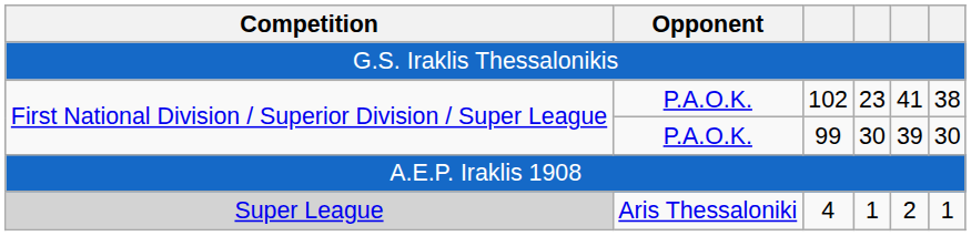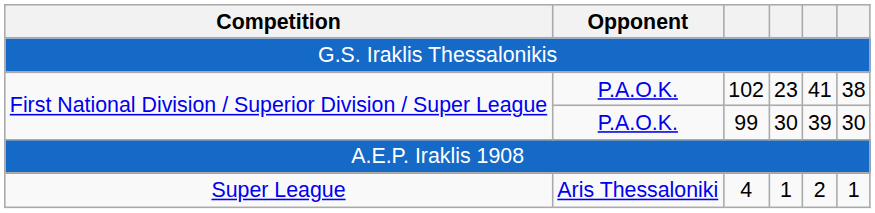 <table class="wikitable plainrowheaders sticky-header-multi sortable" style="text-align:center; margin:0px; margin-top:2px; font-size:85%; width=500px">
 <tr>
 <th>Competition</th>
 <th>Opponent</th>
 <th></th>
 <th></th>
 <th></th>
 <th></th>
 </tr>
 <tr>
 <td colspan="6" style="background:#1569C7; color:#ffffff">G.S. Iraklis Thessalonikis</td>
 </tr>
 <tr>
 <td rowspan="2"><a href='#'>First National Division / Superior Division / Super League</a></td>
 <td><a href='#'>P.A.O.K.</a></td>
 <td>102</td>
 <td>23</td>
 <td>41</td>
 <td>38</td>
 </tr>
 <tr>
 <td><a href='#'>P.A.O.K.</a></td>
 <td>99</td>
 <td>30</td>
 <td>39</td>
 <td>30</td>
 </tr>
 <tr>
 <td colspan="6" style="background:#1569C7; color:#ffffff">A.E.P. Iraklis 1908</td>
 </tr>
 <tr>
-<td style="background: lightgrey;"><a href='#'>Super League</a></td>
+<td><a href='#'>Super League</a></td>
 <td><a href='#'>Aris Thessaloniki</a></td>
 <td>4</td>
 <td>1</td>
 <td>2</td>
 <td>1</td>
 </tr>
 </table>
